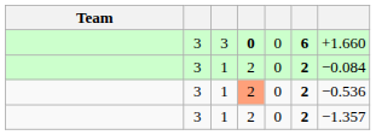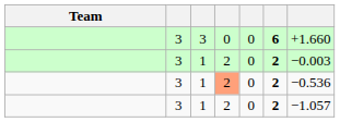 <table class="wikitable" style="text-align:center;">
 <tr>
 <th width=175>Team</th>
 <th style="width:20px;"></th>
 <th style="width:20px;"></th>
 <th style="width:20px;"></th>
 <th style="width:20px;"></th>
 <th style="width:20px;"></th>
 <th style="width:20px;"></th>
 </tr>
 <tr style="background:#cfc">
 <td align=left></td>
 <td>3</td>
 <td>3</td>
-<td><strong>0</strong></td>
+<td>0</td>
 <td>0</td>
 <td><strong>6</strong></td>
 <td>+1.660</td>
 </tr>
 <tr style="background:#cfc">
 <td align=left></td>
 <td>3</td>
 <td>1</td>
 <td>2</td>
 <td>0</td>
 <td><strong>2</strong></td>
-<td>−0.084</td>
+<td>−0.003</td>
 </tr>
 <tr>
 <td align=left></td>
 <td>3</td>
 <td>1</td>
 <td style="background: lightsalmon;">2</td>
 <td>0</td>
 <td><strong>2</strong></td>
 <td>−0.536</td>
 </tr>
 <tr>
 <td align=left></td>
 <td>3</td>
 <td>1</td>
 <td>2</td>
 <td>0</td>
 <td><strong>2</strong></td>
-<td>−1.357</td>
+<td>−1.057</td>
 </tr>
 </table>
